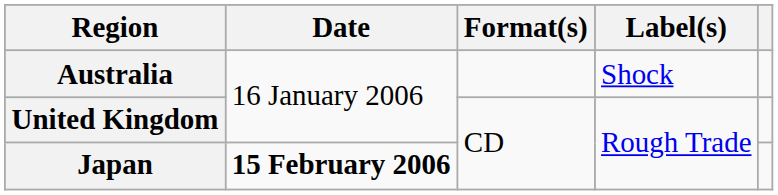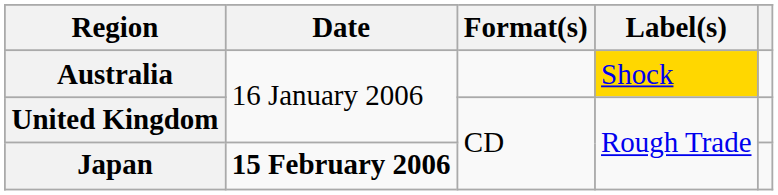 <table class="wikitable plainrowheaders">
 <tr>
 <th scope="col">Region</th>
 <th scope="col">Date</th>
 <th scope="col">Format(s)</th>
 <th scope="col">Label(s)</th>
 <th scope="col"></th>
 </tr>
 <tr>
 <th scope="row">Australia</th>
 <td rowspan="2">16 January 2006</td>
 <td></td>
-<td><a href='#'>Shock</a></td>
+<td style="background: gold;"><a href='#'>Shock</a></td>
 <td></td>
 </tr>
 <tr>
 <th scope="row">United Kingdom</th>
 <td rowspan="2">CD</td>
 <td rowspan="2"><a href='#'>Rough Trade</a></td>
 <td></td>
 </tr>
 <tr>
 <th scope="row">Japan</th>
 <td><strong>15 February 2006</strong></td>
 <td></td>
 </tr>
 </table>
